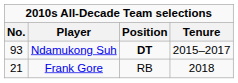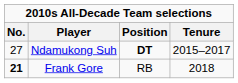 <table class="wikitable" style="text-align:center">
 <tr>
 <td colspan="4"><strong>2010s All-Decade Team selections</strong></td>
 </tr>
 <tr>
 <th>No.</th>
 <th>Player</th>
 <th>Position</th>
 <th>Tenure</th>
 </tr>
 <tr>
-<td>93</td>
+<td>27</td>
 <td><a href='#'>Ndamukong Suh</a></td>
 <td><strong>DT</strong></td>
 <td>2015–2017</td>
 </tr>
 <tr>
-<td>21</td>
+<td><strong>21</strong></td>
 <td><a href='#'>Frank Gore</a></td>
 <td>RB</td>
 <td>2018</td>
 </tr>
 </table>
